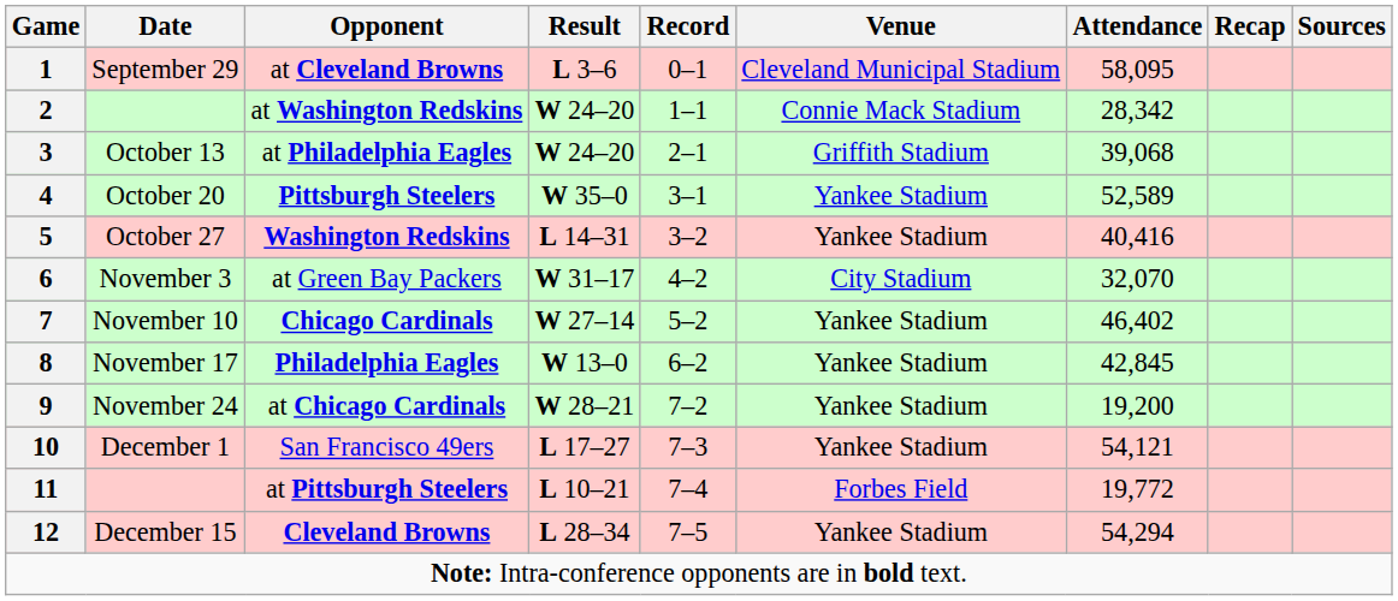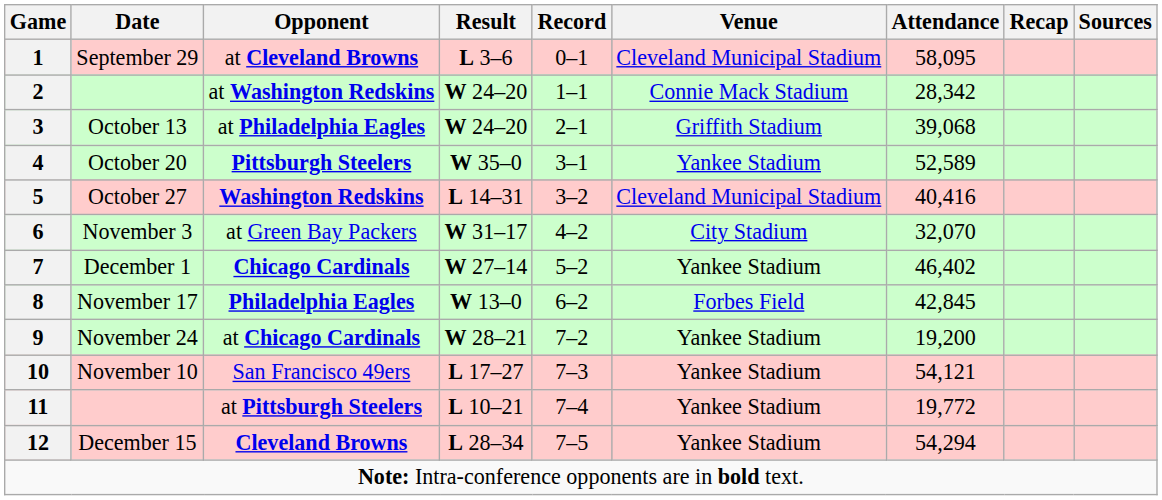 <table class="wikitable" style="text-align:center">
 <tr>
 <th>Game</th>
 <th>Date</th>
 <th>Opponent</th>
 <th>Result</th>
 <th>Record</th>
 <th>Venue</th>
 <th>Attendance</th>
 <th>Recap</th>
 <th>Sources</th>
 </tr>
 <tr style="background:#fcc">
 <th>1</th>
 <td>September 29</td>
 <td>at <strong><a href='#'>Cleveland Browns</a></strong></td>
 <td><strong>L</strong> 3–6</td>
 <td>0–1</td>
 <td><a href='#'>Cleveland Municipal Stadium</a></td>
 <td>58,095</td>
 <td></td>
 <td></td>
 </tr>
 <tr style="background:#cfc">
 <th>2</th>
 <td></td>
 <td>at <strong><a href='#'>Washington Redskins</a></strong></td>
 <td><strong>W</strong> 24–20</td>
 <td>1–1</td>
 <td><a href='#'>Connie Mack Stadium</a></td>
 <td>28,342</td>
 <td></td>
 <td></td>
 </tr>
 <tr style="background:#cfc">
 <th>3</th>
 <td>October 13</td>
 <td>at <strong><a href='#'>Philadelphia Eagles</a></strong></td>
 <td><strong>W</strong> 24–20</td>
 <td>2–1</td>
 <td><a href='#'>Griffith Stadium</a></td>
 <td>39,068</td>
 <td></td>
 <td></td>
 </tr>
 <tr style="background:#cfc">
 <th>4</th>
 <td>October 20</td>
 <td><strong><a href='#'>Pittsburgh Steelers</a></strong></td>
 <td><strong>W</strong> 35–0</td>
 <td>3–1</td>
 <td><a href='#'>Yankee Stadium</a></td>
 <td>52,589</td>
 <td></td>
 <td></td>
 </tr>
 <tr style="background:#fcc">
 <th>5</th>
 <td>October 27</td>
 <td><strong><a href='#'>Washington Redskins</a></strong></td>
 <td><strong>L</strong> 14–31</td>
 <td>3–2</td>
-<td>Yankee Stadium</td>
+<td><a href='#'>Cleveland Municipal Stadium</a></td>
 <td>40,416</td>
 <td></td>
 <td></td>
 </tr>
 <tr style="background:#cfc">
 <th>6</th>
 <td>November 3</td>
 <td>at <a href='#'>Green Bay Packers</a></td>
 <td><strong>W</strong> 31–17</td>
 <td>4–2</td>
 <td><a href='#'>City Stadium</a></td>
 <td>32,070</td>
 <td></td>
 <td></td>
 </tr>
 <tr style="background:#cfc">
 <th>7</th>
-<td>November 10</td>
+<td>December 1</td>
 <td><strong><a href='#'>Chicago Cardinals</a></strong></td>
 <td><strong>W</strong> 27–14</td>
 <td>5–2</td>
 <td>Yankee Stadium</td>
 <td>46,402</td>
 <td></td>
 <td></td>
 </tr>
 <tr style="background:#cfc">
 <th>8</th>
 <td>November 17</td>
 <td><strong><a href='#'>Philadelphia Eagles</a></strong></td>
 <td><strong>W</strong> 13–0</td>
 <td>6–2</td>
-<td>Yankee Stadium</td>
+<td><a href='#'>Forbes Field</a></td>
 <td>42,845</td>
 <td></td>
 <td></td>
 </tr>
 <tr style="background:#cfc">
 <th>9</th>
 <td>November 24</td>
 <td>at <strong><a href='#'>Chicago Cardinals</a></strong></td>
 <td><strong>W</strong> 28–21</td>
 <td>7–2</td>
 <td>Yankee Stadium</td>
 <td>19,200</td>
 <td></td>
 <td></td>
 </tr>
 <tr style="background:#fcc">
 <th>10</th>
-<td>December 1</td>
+<td>November 10</td>
 <td><a href='#'>San Francisco 49ers</a></td>
 <td><strong>L</strong> 17–27</td>
 <td>7–3</td>
 <td>Yankee Stadium</td>
 <td>54,121</td>
 <td></td>
 <td></td>
 </tr>
 <tr style="background:#fcc">
 <th>11</th>
 <td></td>
 <td>at <strong><a href='#'>Pittsburgh Steelers</a></strong></td>
 <td><strong>L</strong> 10–21</td>
 <td>7–4</td>
-<td><a href='#'>Forbes Field</a></td>
+<td>Yankee Stadium</td>
 <td>19,772</td>
 <td></td>
 <td></td>
 </tr>
 <tr style="background:#fcc">
 <th>12</th>
 <td>December 15</td>
 <td><strong><a href='#'>Cleveland Browns</a></strong></td>
 <td><strong>L</strong> 28–34</td>
 <td>7–5</td>
 <td>Yankee Stadium</td>
 <td>54,294</td>
 <td></td>
 <td></td>
 </tr>
 <tr>
 <td colspan="10"><strong>Note:</strong> Intra-conference opponents are in <strong>bold</strong> text.</td>
 </tr>
 </table>
